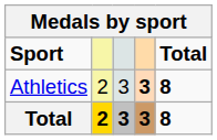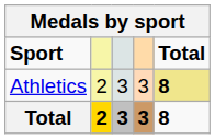 <table class=wikitable style="font-size:95%; ">
 <tr bgcolor=EFEFEF>
 <th colspan=7><strong>Medals by sport</strong></th>
 </tr>
 <tr>
 <td><strong>Sport</strong></td>
 <td bgcolor=F7F6A8></td>
 <td bgcolor=DCE5E5></td>
 <td bgcolor=FFDBA9></td>
 <td><strong>Total</strong></td>
 </tr>
 <tr>
 <td><a href='#'>Athletics</a></td>
 <td bgcolor=F7F6A8>2</td>
 <td bgcolor=DCE5E5>3</td>
-<td bgcolor=FFDAB9><strong>3</strong></td>
-<td><strong>8</strong></td>
+<td bgcolor=FFDAB9>3</td>
+<td style="background: khaki;"><strong>8</strong></td>
 </tr>
 <tr>
 <th><strong>Total</strong></th>
 <td style="background:gold;"><strong>2</strong></td>
 <td style="background:silver;"><strong>3</strong></td>
 <td style="background:#c96;"><strong>3</strong></td>
 <td><strong>8</strong></td>
 </tr>
 </table>
